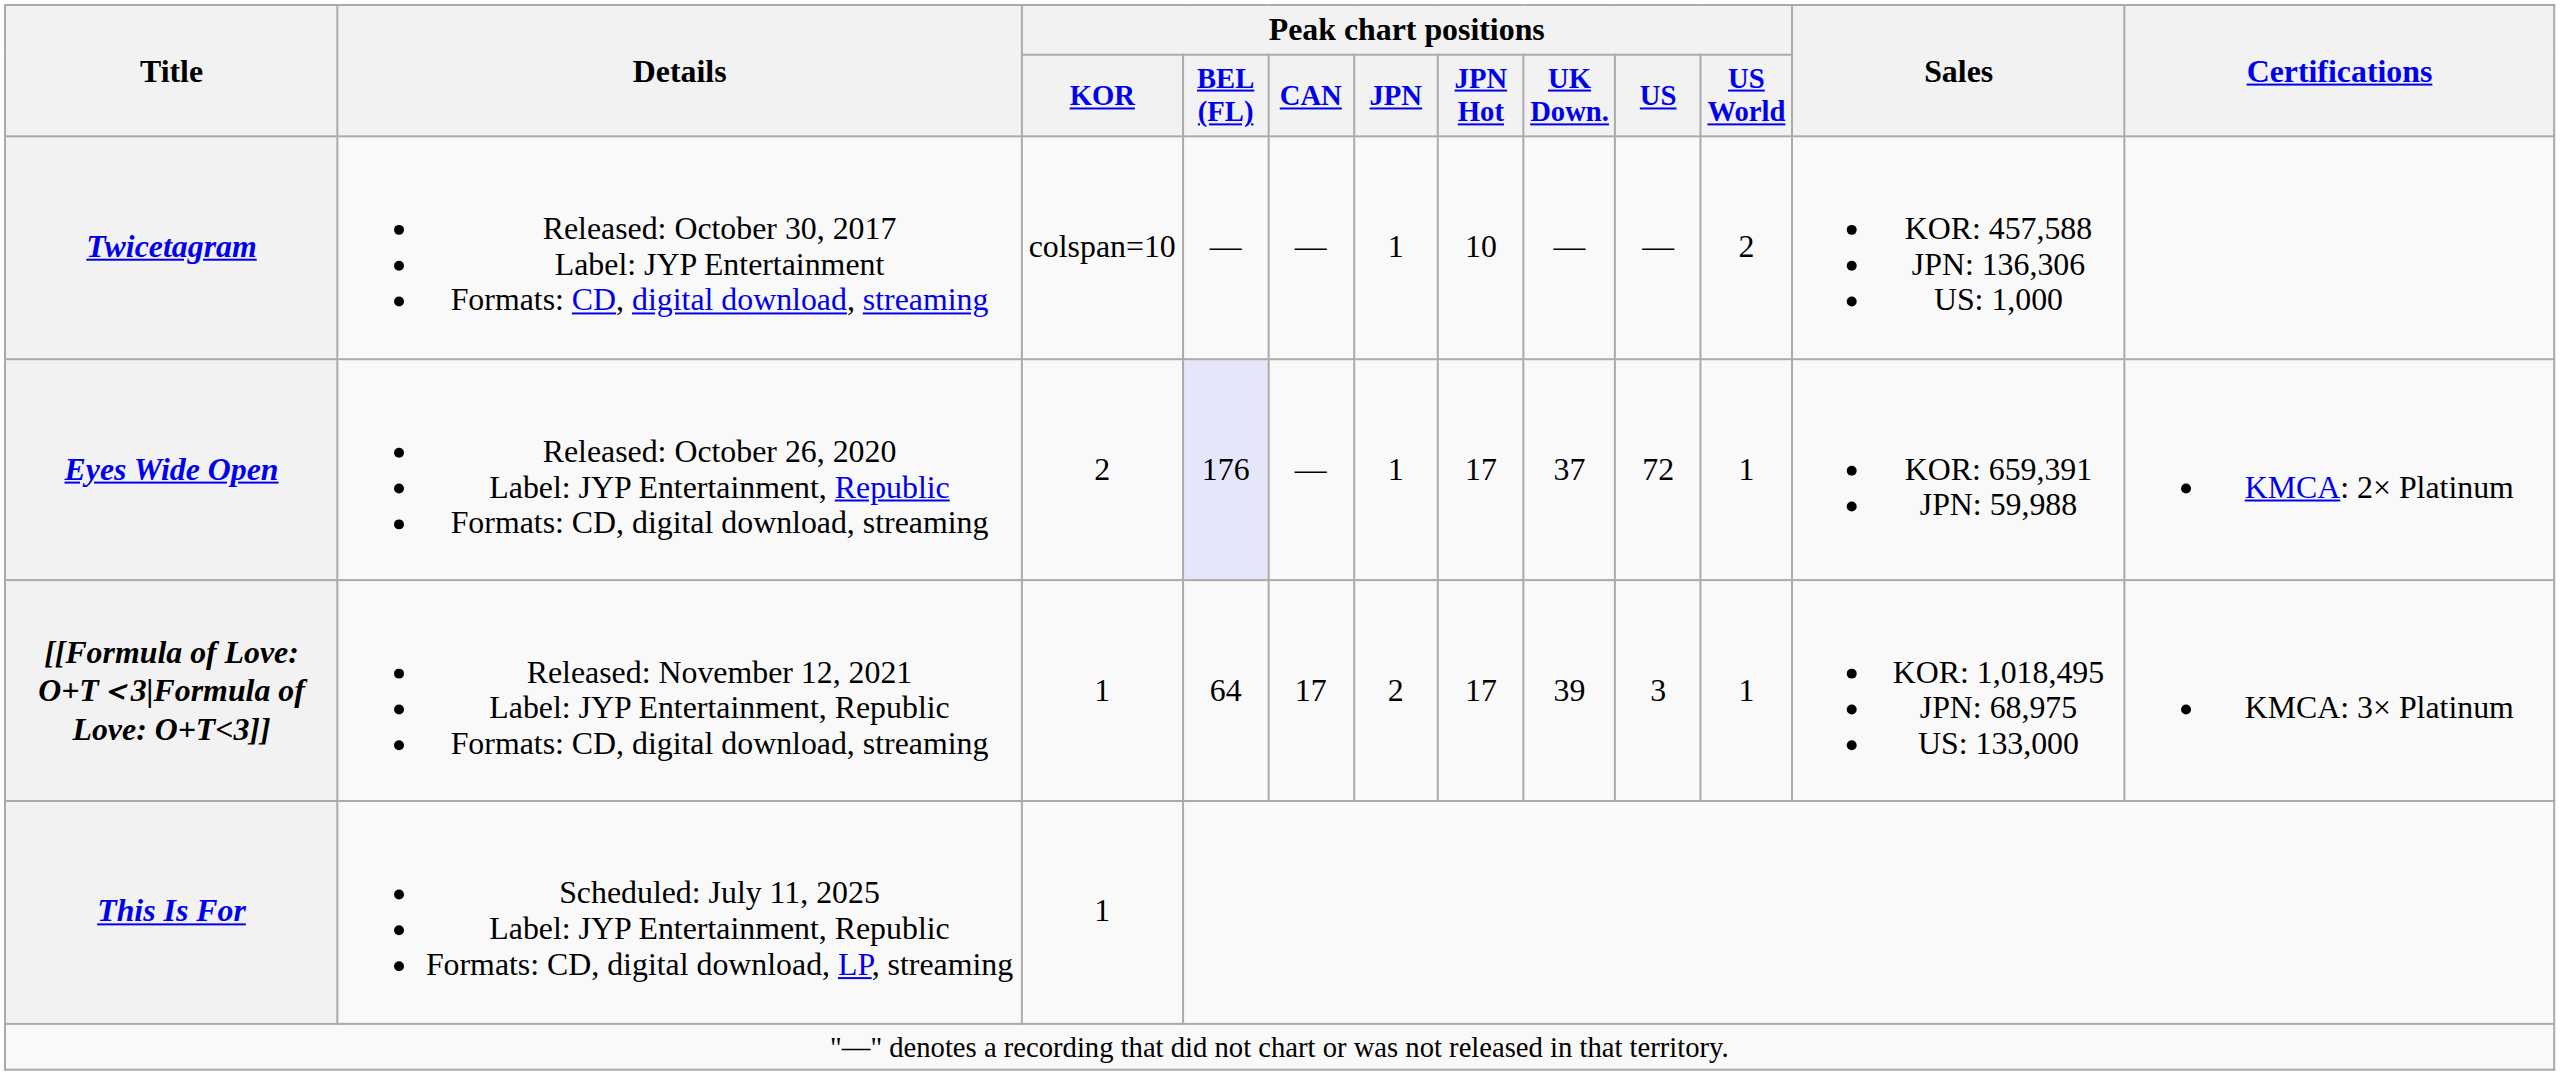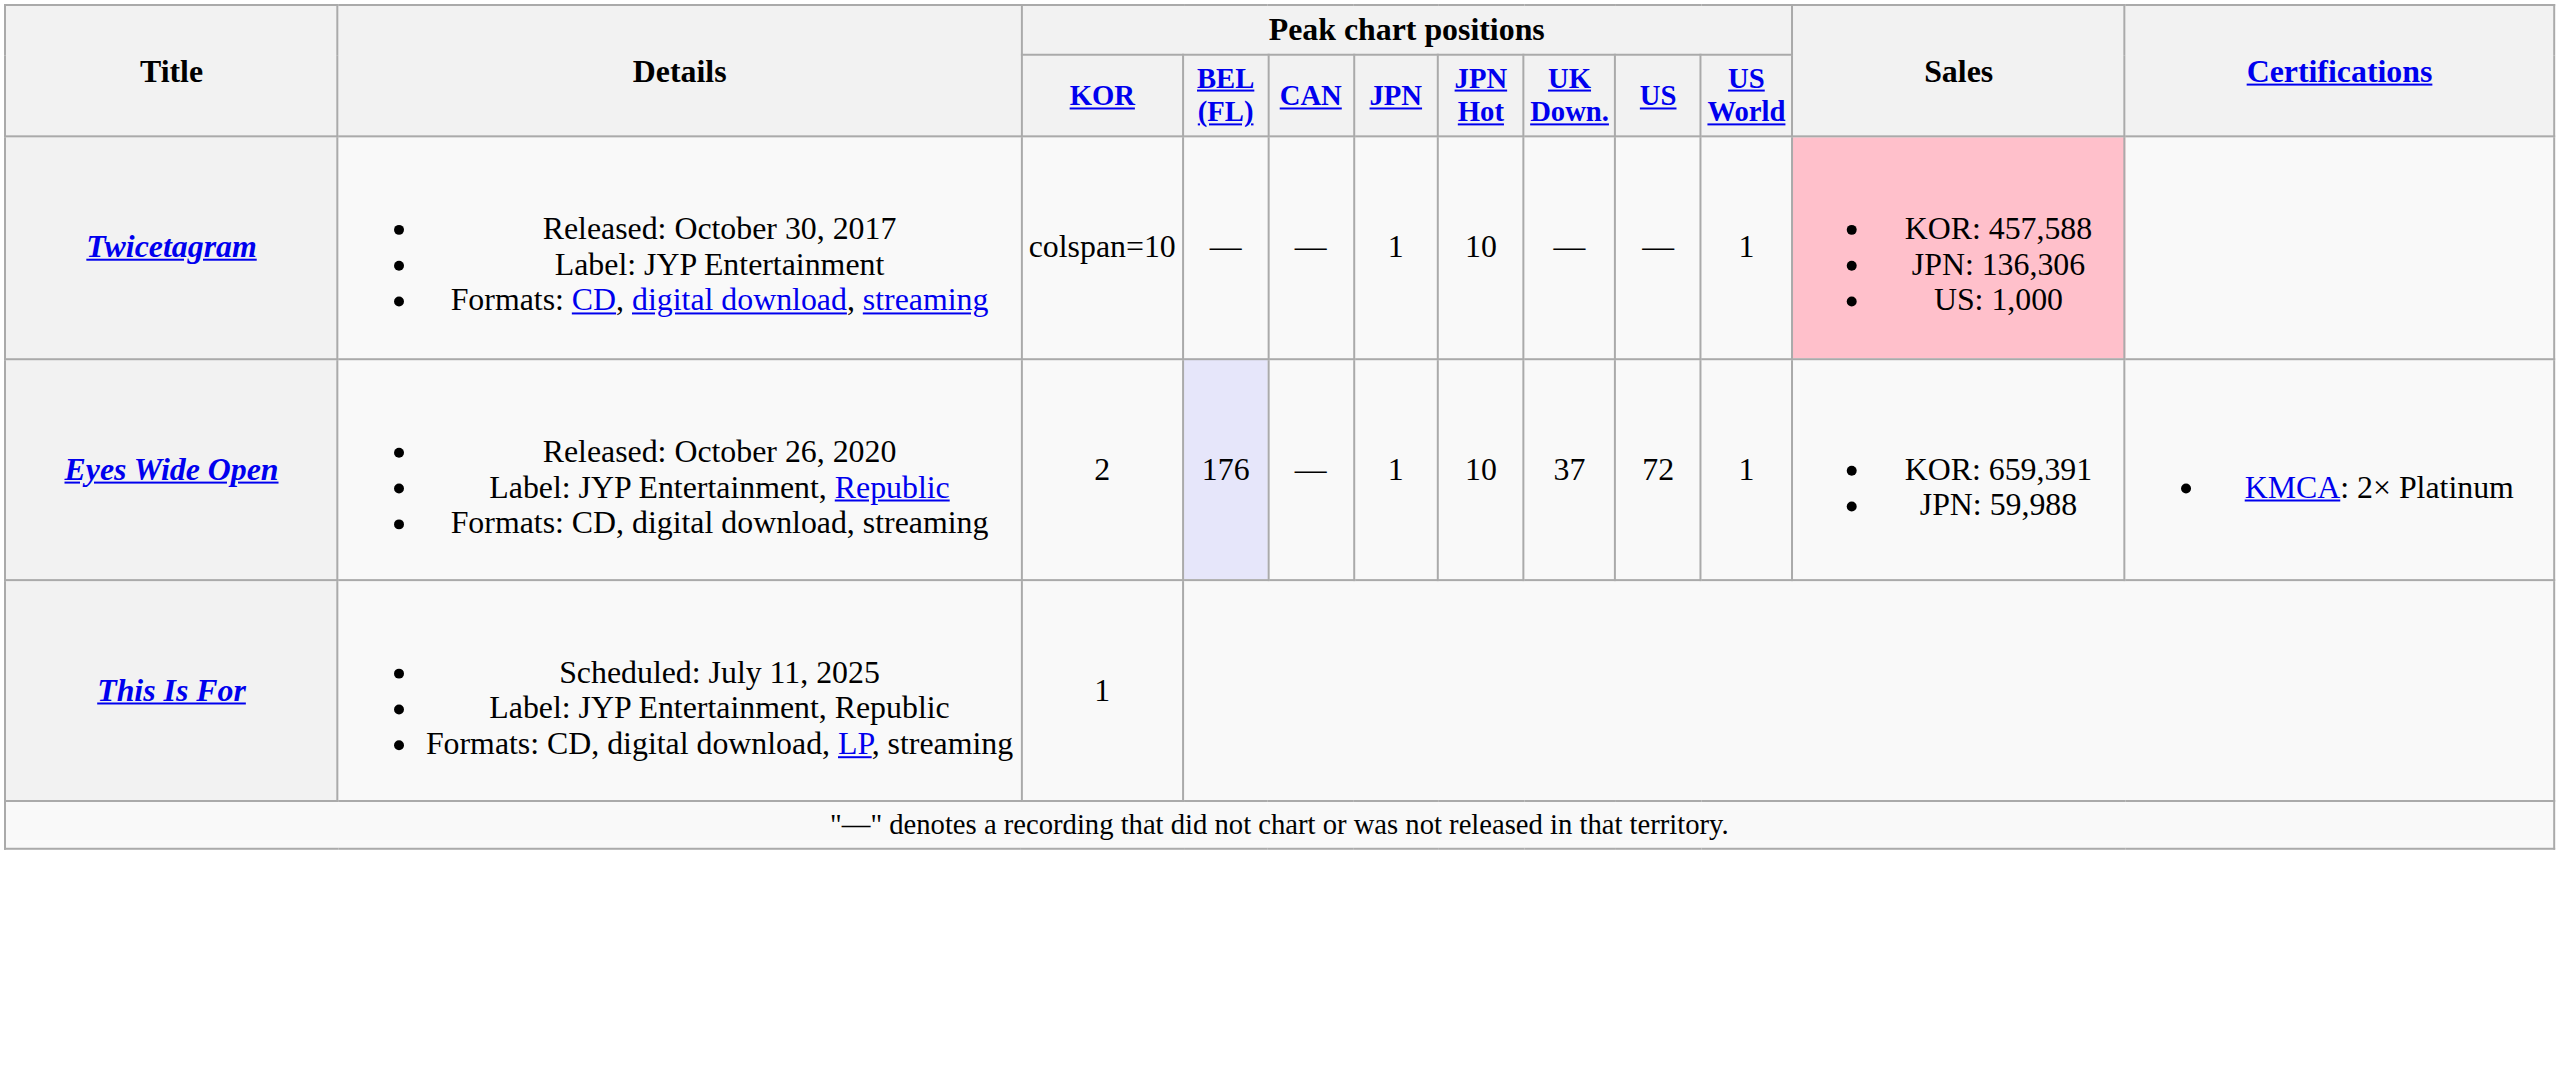 <table class="wikitable plainrowheaders" style="text-align:center;">
 <tr>
 <th scope="col" rowspan=2 style="width:10em;">Title</th>
 <th scope="col" rowspan=2 style="width:21em;">Details</th>
 <th scope="col" colspan=8>Peak chart positions</th>
 <th scope="col" rowspan=2 style="width:10em;">Sales</th>
 <th scope="col" rowspan=2 style="width:13em;"><a href='#'>Certifications</a></th>
 </tr>
 <tr>
 <th scope="col" style="width:2.5em;font-size:90%;"><a href='#'>KOR</a><br></th>
 <th scope="col" style="width:2.5em;font-size:90%;"><a href='#'>BEL<br>(FL)</a><br></th>
 <th scope="col" style="width:2.5em;font-size:90%;"><a href='#'>CAN</a><br></th>
 <th scope="col" style="width:2.5em;font-size:90%;"><a href='#'>JPN</a><br></th>
 <th scope="col" style="width:2.5em;font-size:90%;"><a href='#'>JPN<br>Hot</a><br></th>
 <th scope="col" style="width:2.5em;font-size:90%;"><a href='#'>UK<br>Down.</a><br></th>
 <th scope="col" style="width:2.5em;font-size:90%;"><a href='#'>US</a><br></th>
 <th scope="col" style="width:2.5em;font-size:90%;"><a href='#'>US<br>World</a><br></th>
 </tr>
 <tr>
 <th scope=row><em><a href='#'>Twicetagram</a></em></th>
 <td><br><ul><li>Released: October 30, 2017</li><li>Label: JYP Entertainment</li><li>Formats: <a href='#'>CD</a>, <a href='#'>digital download</a>, <a href='#'>streaming</a></li></ul></td>
 <td>colspan=10 </td>
 <td>—</td>
 <td>—</td>
 <td>1</td>
 <td>10</td>
 <td>—</td>
 <td>—</td>
-<td>2</td>
-<td><br><ul><li>KOR: 457,588</li><li>JPN: 136,306</li><li>US: 1,000</li></ul></td>
+<td>1</td>
+<td style="background: pink;"><br><ul><li>KOR: 457,588</li><li>JPN: 136,306</li><li>US: 1,000</li></ul></td>
 <td></td>
 </tr>
 <tr>
 <th scope=row><em><a href='#'>Eyes Wide Open</a></em></th>
 <td><br><ul><li>Released: October 26, 2020</li><li>Label: JYP Entertainment, <a href='#'>Republic</a></li><li>Formats: CD, digital download, streaming</li></ul></td>
 <td>2</td>
 <td style="background: lavender;">176</td>
 <td>—</td>
 <td>1</td>
-<td>17</td>
+<td>10</td>
 <td>37</td>
 <td>72</td>
 <td>1</td>
 <td><br><ul><li>KOR: 659,391</li><li>JPN: 59,988</li></ul></td>
 <td><br><ul><li><a href='#'>KMCA</a>: 2× Platinum</li></ul></td>
-</tr>
-<tr>
-<th scope=row><em>[[Formula of Love: O+T＜3|Formula of Love: O+T<3]]</em></th>
-<td><br><ul><li>Released: November 12, 2021</li><li>Label: JYP Entertainment, Republic</li><li>Formats: CD, digital download, streaming</li></ul></td>
-<td>1</td>
-<td>64</td>
-<td>17</td>
-<td>2</td>
-<td>17</td>
-<td>39</td>
-<td>3</td>
-<td>1</td>
-<td><br><ul><li>KOR: 1,018,495</li><li>JPN: 68,975</li><li>US: 133,000</li></ul></td>
-<td><br><ul><li>KMCA: 3× Platinum</li></ul></td>
 </tr>
 <tr>
 <th scope=row><em><a href='#'>This Is For</a></em></th>
 <td><br><ul><li>Scheduled: July 11, 2025</li><li>Label: JYP Entertainment, Republic</li><li>Formats: CD, digital download, <a href='#'>LP</a>, streaming</li></ul></td>
 <td>1</td>
 </tr>
 <tr>
 <td colspan=12 style="font-size:90%">"—" denotes a recording that did not chart or was not released in that territory.</td>
 </tr>
 </table>
